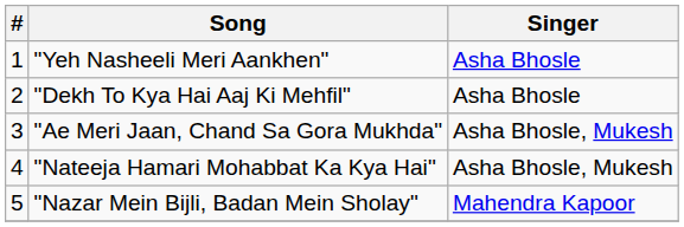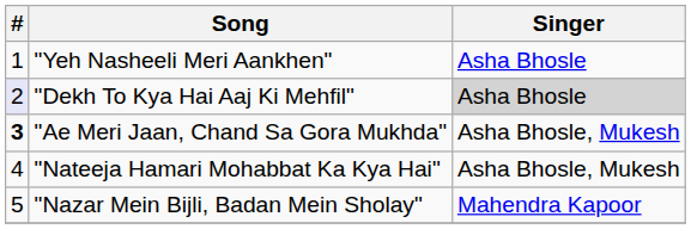 <table class="wikitable">
 <tr>
 <th>#</th>
 <th>Song</th>
 <th>Singer</th>
 </tr>
 <tr>
 <td>1</td>
 <td>"Yeh Nasheeli Meri Aankhen"</td>
 <td><a href='#'>Asha Bhosle</a></td>
 </tr>
 <tr>
-<td>2</td>
+<td style="background: lavender;">2</td>
 <td>"Dekh To Kya Hai Aaj Ki Mehfil"</td>
-<td>Asha Bhosle</td>
+<td style="background: lightgrey;">Asha Bhosle</td>
 </tr>
 <tr>
-<td>3</td>
+<td><strong>3</strong></td>
 <td>"Ae Meri Jaan, Chand Sa Gora Mukhda"</td>
 <td>Asha Bhosle, <a href='#'>Mukesh</a></td>
 </tr>
 <tr>
 <td>4</td>
 <td>"Nateeja Hamari Mohabbat Ka Kya Hai"</td>
 <td>Asha Bhosle, Mukesh</td>
 </tr>
 <tr>
 <td>5</td>
 <td>"Nazar Mein Bijli, Badan Mein Sholay"</td>
 <td><a href='#'>Mahendra Kapoor</a></td>
 </tr>
 <tr>
 </tr>
 </table>
